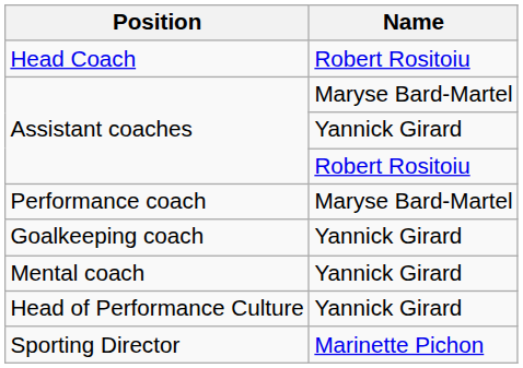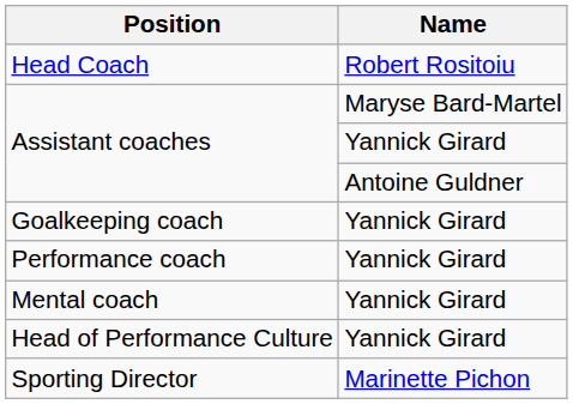 <table class="wikitable">
 <tr>
 <th>Position</th>
 <th>Name</th>
 </tr>
 <tr>
 <td><a href='#'>Head Coach</a></td>
 <td><a href='#'>Robert Rositoiu</a></td>
 </tr>
 <tr>
 <td rowspan="3">Assistant coaches</td>
 <td>Maryse Bard-Martel</td>
 </tr>
 <tr>
 <td>Yannick Girard</td>
 </tr>
 <tr>
-<td><a href='#'>Robert Rositoiu</a></td>
+<td>Antoine Guldner</td>
+</tr>
+<tr>
+<td>Goalkeeping coach</td>
+<td>Yannick Girard</td>
 </tr>
 <tr>
 <td>Performance coach</td>
-<td>Maryse Bard-Martel</td>
-</tr>
-<tr>
-<td>Goalkeeping coach</td>
 <td>Yannick Girard</td>
 </tr>
 <tr>
 <td>Mental coach</td>
 <td>Yannick Girard</td>
 </tr>
 <tr>
 <td>Head of Performance Culture</td>
 <td>Yannick Girard</td>
 </tr>
 <tr>
 <td>Sporting Director</td>
 <td><a href='#'>Marinette Pichon</a></td>
 </tr>
 </table>
